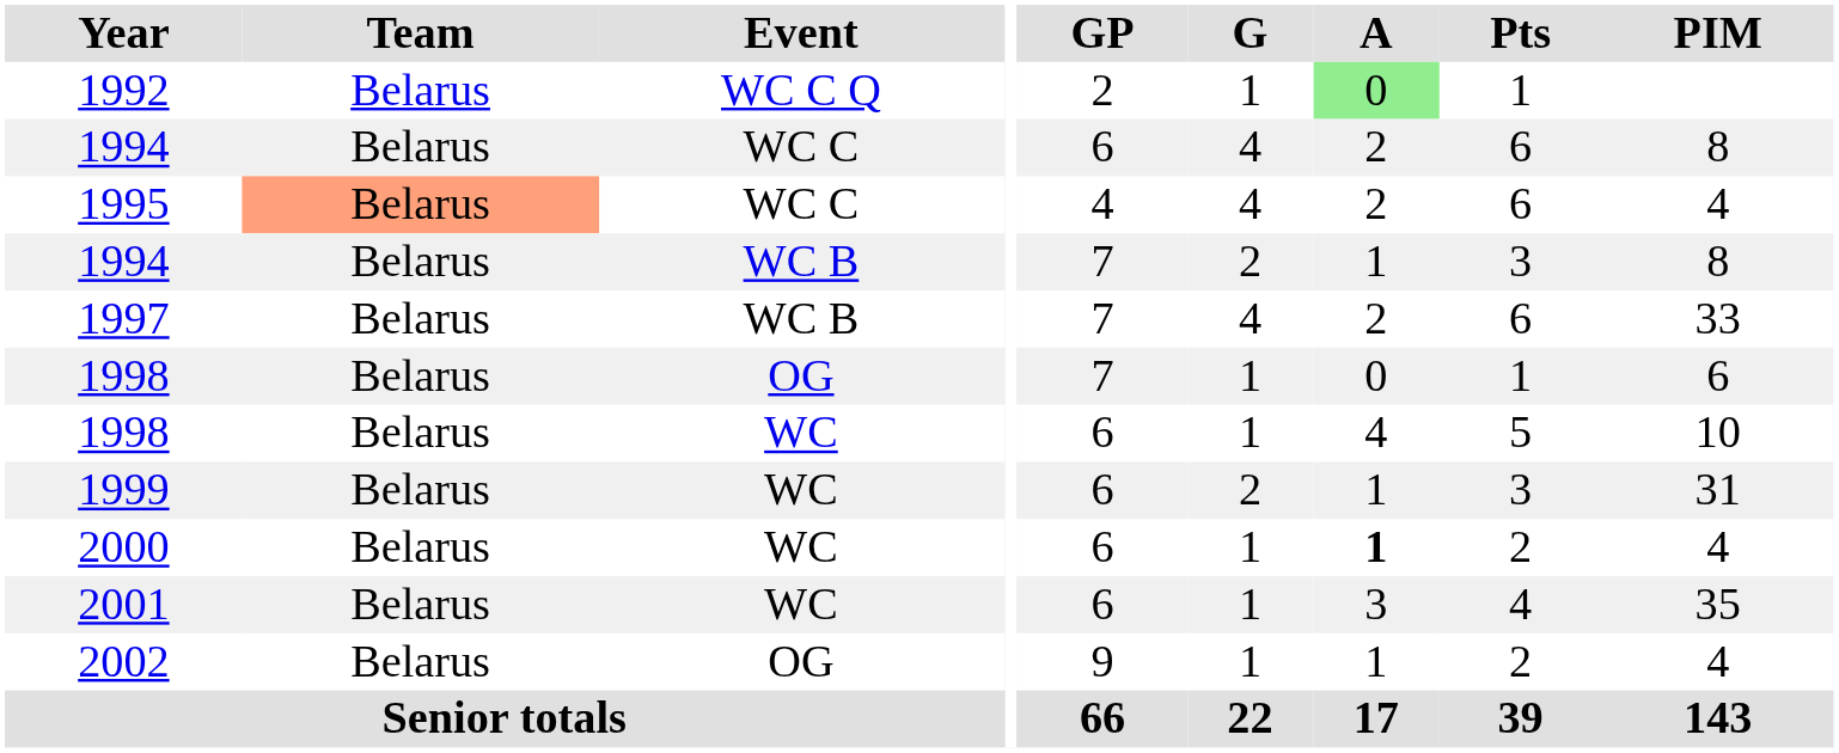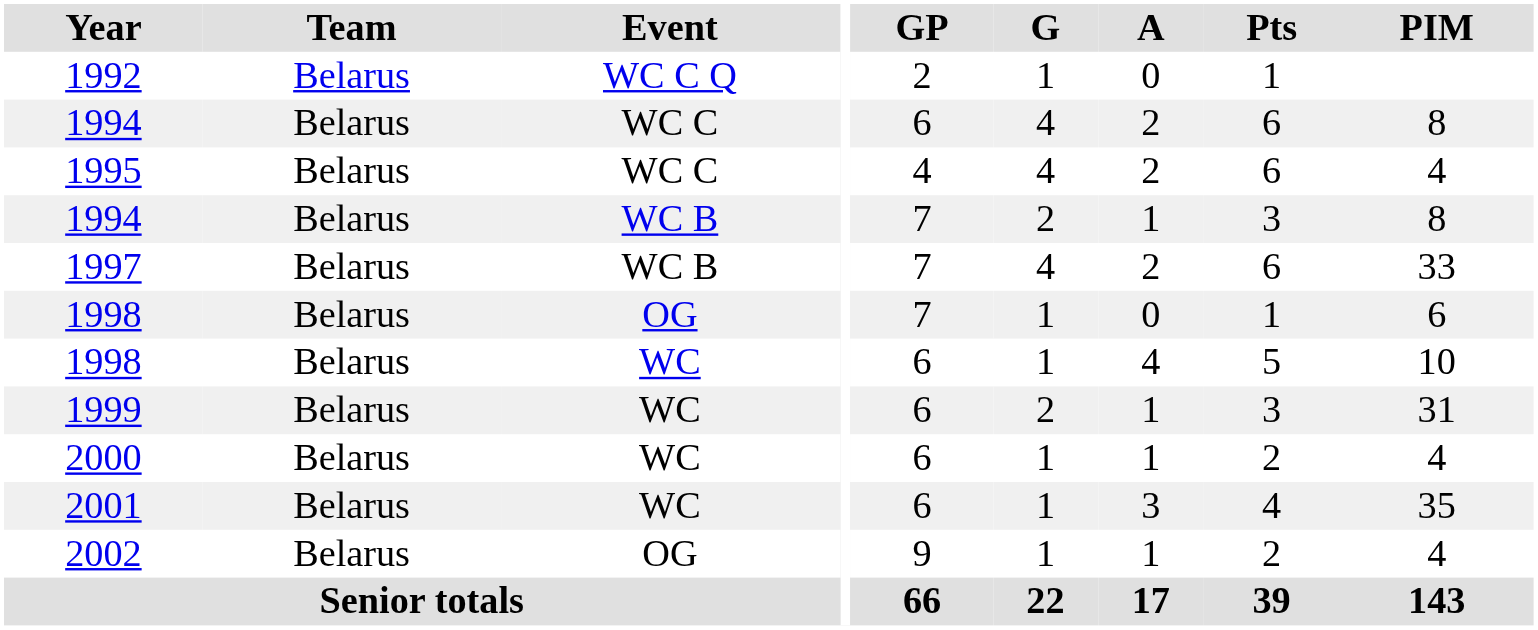 <table border="0" cellpadding="1" cellspacing="0" style="text-align:center; width:40em">
 <tr bgcolor="#e0e0e0">
 <th>Year</th>
 <th>Team</th>
 <th>Event</th>
 <th rowspan="99" bgcolor="#ffffff"></th>
 <th>GP</th>
 <th>G</th>
 <th>A</th>
 <th>Pts</th>
 <th>PIM</th>
 </tr>
 <tr>
 <td><a href='#'>1992</a></td>
 <td><a href='#'>Belarus</a></td>
 <td><a href='#'>WC C Q</a></td>
 <td>2</td>
 <td>1</td>
-<td style="background: lightgreen;">0</td>
+<td>0</td>
 <td>1</td>
 <td></td>
 </tr>
 <tr bgcolor="#f0f0f0">
 <td><a href='#'>1994</a></td>
 <td>Belarus</td>
 <td>WC C</td>
 <td>6</td>
 <td>4</td>
 <td>2</td>
 <td>6</td>
 <td>8</td>
 </tr>
 <tr>
 <td><a href='#'>1995</a></td>
-<td style="background: lightsalmon;">Belarus</td>
+<td>Belarus</td>
 <td>WC C</td>
 <td>4</td>
 <td>4</td>
 <td>2</td>
 <td>6</td>
 <td>4</td>
 </tr>
 <tr bgcolor="#f0f0f0">
 <td><a href='#'>1994</a></td>
 <td>Belarus</td>
 <td><a href='#'>WC B</a></td>
 <td>7</td>
 <td>2</td>
 <td>1</td>
 <td>3</td>
 <td>8</td>
 </tr>
 <tr>
 <td><a href='#'>1997</a></td>
 <td>Belarus</td>
 <td>WC B</td>
 <td>7</td>
 <td>4</td>
 <td>2</td>
 <td>6</td>
 <td>33</td>
 </tr>
 <tr bgcolor="#f0f0f0">
 <td><a href='#'>1998</a></td>
 <td>Belarus</td>
 <td><a href='#'>OG</a></td>
 <td>7</td>
 <td>1</td>
 <td>0</td>
 <td>1</td>
 <td>6</td>
 </tr>
 <tr>
 <td><a href='#'>1998</a></td>
 <td>Belarus</td>
 <td><a href='#'>WC</a></td>
 <td>6</td>
 <td>1</td>
 <td>4</td>
 <td>5</td>
 <td>10</td>
 </tr>
 <tr bgcolor="#f0f0f0">
 <td><a href='#'>1999</a></td>
 <td>Belarus</td>
 <td>WC</td>
 <td>6</td>
 <td>2</td>
 <td>1</td>
 <td>3</td>
 <td>31</td>
 </tr>
 <tr>
 <td><a href='#'>2000</a></td>
 <td>Belarus</td>
 <td>WC</td>
 <td>6</td>
 <td>1</td>
-<td><strong>1</strong></td>
+<td>1</td>
 <td>2</td>
 <td>4</td>
 </tr>
 <tr bgcolor="#f0f0f0">
 <td><a href='#'>2001</a></td>
 <td>Belarus</td>
 <td>WC</td>
 <td>6</td>
 <td>1</td>
 <td>3</td>
 <td>4</td>
 <td>35</td>
 </tr>
 <tr>
 <td><a href='#'>2002</a></td>
 <td>Belarus</td>
 <td>OG</td>
 <td>9</td>
 <td>1</td>
 <td>1</td>
 <td>2</td>
 <td>4</td>
 </tr>
 <tr bgcolor="#e0e0e0">
 <th colspan="3">Senior totals</th>
 <th>66</th>
 <th>22</th>
 <th>17</th>
 <th>39</th>
 <th>143</th>
 </tr>
 </table>
